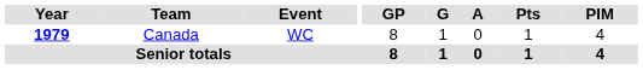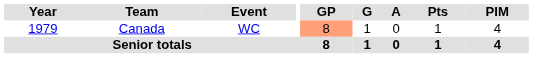 <table border="0" cellpadding="1" cellspacing="0" ID="Table3" style="text-align:center; width:40em">
 <tr bgcolor="#e0e0e0">
 <th>Year</th>
 <th>Team</th>
 <th>Event</th>
 <th rowspan="102" bgcolor="#ffffff"></th>
 <th>GP</th>
 <th>G</th>
 <th>A</th>
 <th>Pts</th>
 <th>PIM</th>
 </tr>
 <tr>
-<td><strong><a href='#'>1979</a></strong></td>
+<td><a href='#'>1979</a></td>
 <td><a href='#'>Canada</a></td>
 <td><a href='#'>WC</a></td>
-<td>8</td>
+<td style="background: lightsalmon;">8</td>
 <td>1</td>
 <td>0</td>
 <td>1</td>
 <td>4</td>
 </tr>
 <tr bgcolor="#e0e0e0">
 <th colspan="4">Senior totals</th>
 <th>8</th>
 <th>1</th>
 <th>0</th>
 <th>1</th>
 <th>4</th>
 </tr>
 </table>
